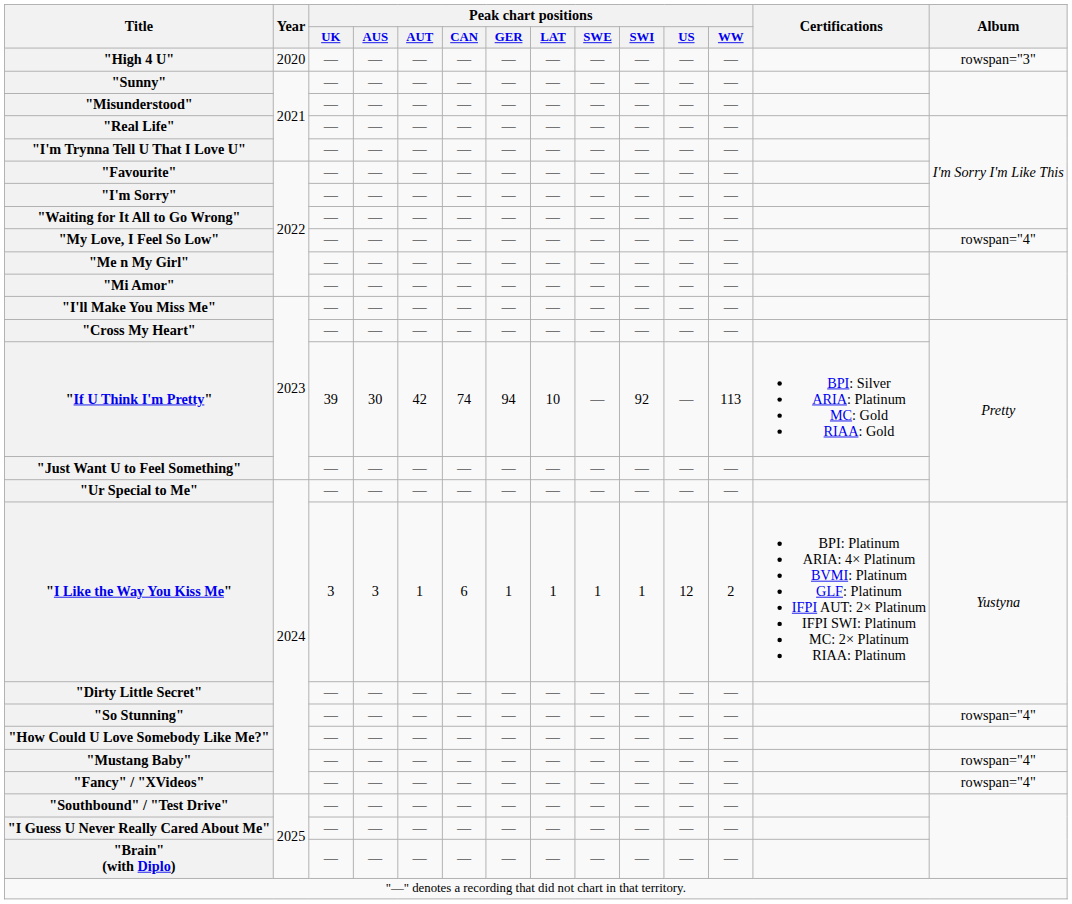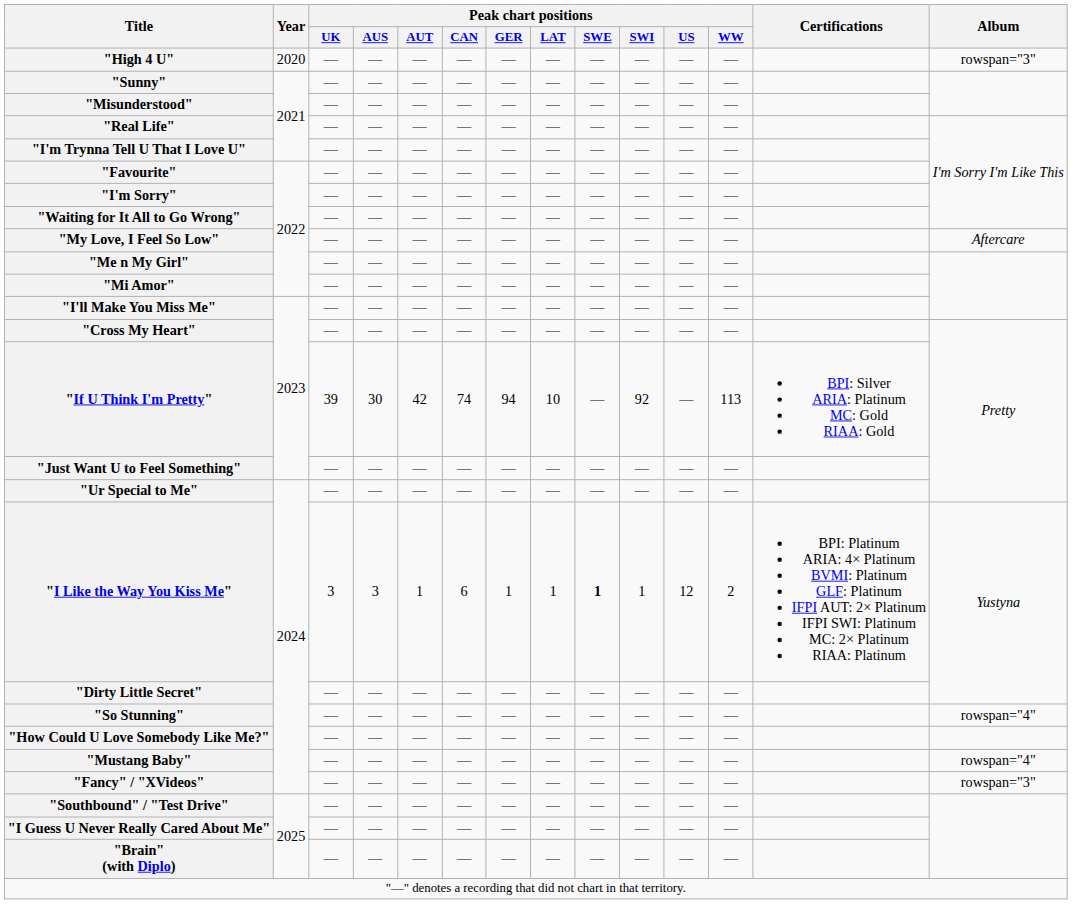 <table class="wikitable plainrowheaders" style="text-align:center;">
 <tr>
 <th scope="col" rowspan="2">Title</th>
 <th scope="col" rowspan="2">Year</th>
 <th scope="col" colspan="10">Peak chart positions</th>
 <th scope="col" rowspan="2">Certifications</th>
 <th scope="col" rowspan="2">Album</th>
 </tr>
 <tr>
 <th scope="col" style="width:3em;font-size:90%;"><a href='#'>UK</a><br></th>
 <th scope="col" style="width:3em;font-size:90%;"><a href='#'>AUS</a><br></th>
 <th scope="col" style="width:3em;font-size:90%;"><a href='#'>AUT</a><br></th>
 <th scope="col" style="width:3em;font-size:90%;"><a href='#'>CAN</a><br></th>
 <th scope="col" style="width:3em;font-size:90%;"><a href='#'>GER</a><br></th>
 <th scope="col" style="width:3em;font-size:90%;"><a href='#'>LAT</a><br></th>
 <th scope="col" style="width:3em;font-size:90%;"><a href='#'>SWE</a><br></th>
 <th scope="col" style="width:3em;font-size:90%;"><a href='#'>SWI</a><br></th>
 <th scope="col" style="width:3em;font-size:90%;"><a href='#'>US</a><br></th>
 <th scope="col" style="width:3em;font-size:90%;"><a href='#'>WW</a><br></th>
 </tr>
 <tr>
 <th scope="row">"High 4 U"</th>
 <td>2020</td>
 <td>—</td>
 <td>—</td>
 <td>—</td>
 <td>—</td>
 <td>—</td>
 <td>—</td>
 <td>—</td>
 <td>—</td>
 <td>—</td>
 <td>—</td>
 <td></td>
 <td>rowspan="3" </td>
 </tr>
 <tr>
 <th scope="row">"Sunny"</th>
 <td rowspan="4">2021</td>
 <td>—</td>
 <td>—</td>
 <td>—</td>
 <td>—</td>
 <td>—</td>
 <td>—</td>
 <td>—</td>
 <td>—</td>
 <td>—</td>
 <td>—</td>
 <td></td>
 </tr>
 <tr>
 <th scope="row">"Misunderstood"</th>
 <td>—</td>
 <td>—</td>
 <td>—</td>
 <td>—</td>
 <td>—</td>
 <td>—</td>
 <td>—</td>
 <td>—</td>
 <td>—</td>
 <td>—</td>
 <td></td>
 </tr>
 <tr>
 <th scope="row">"Real Life"</th>
 <td>—</td>
 <td>—</td>
 <td>—</td>
 <td>—</td>
 <td>—</td>
 <td>—</td>
 <td>—</td>
 <td>—</td>
 <td>—</td>
 <td>—</td>
 <td></td>
 <td rowspan="5"><em>I'm Sorry I'm Like This</em></td>
 </tr>
 <tr>
 <th scope="row">"I'm Trynna Tell U That I Love U"</th>
 <td>—</td>
 <td>—</td>
 <td>—</td>
 <td>—</td>
 <td>—</td>
 <td>—</td>
 <td>—</td>
 <td>—</td>
 <td>—</td>
 <td>—</td>
 <td></td>
 </tr>
 <tr>
 <th scope="row">"Favourite"</th>
 <td rowspan="6">2022</td>
 <td>—</td>
 <td>—</td>
 <td>—</td>
 <td>—</td>
 <td>—</td>
 <td>—</td>
 <td>—</td>
 <td>—</td>
 <td>—</td>
 <td>—</td>
 <td></td>
 </tr>
 <tr>
 <th scope="row">"I'm Sorry"</th>
 <td>—</td>
 <td>—</td>
 <td>—</td>
 <td>—</td>
 <td>—</td>
 <td>—</td>
 <td>—</td>
 <td>—</td>
 <td>—</td>
 <td>—</td>
 <td></td>
 </tr>
 <tr>
 <th scope="row">"Waiting for It All to Go Wrong"</th>
 <td>—</td>
 <td>—</td>
 <td>—</td>
 <td>—</td>
 <td>—</td>
 <td>—</td>
 <td>—</td>
 <td>—</td>
 <td>—</td>
 <td>—</td>
 <td></td>
 </tr>
 <tr>
 <th scope="row">"My Love, I Feel So Low"</th>
 <td>—</td>
 <td>—</td>
 <td>—</td>
 <td>—</td>
 <td>—</td>
 <td>—</td>
 <td>—</td>
 <td>—</td>
 <td>—</td>
 <td>—</td>
 <td></td>
-<td>rowspan="4" </td>
+<td><em>Aftercare</em></td>
 </tr>
 <tr>
 <th scope="row">"Me n My Girl"</th>
 <td>—</td>
 <td>—</td>
 <td>—</td>
 <td>—</td>
 <td>—</td>
 <td>—</td>
 <td>—</td>
 <td>—</td>
 <td>—</td>
 <td>—</td>
 <td></td>
 </tr>
 <tr>
 <th scope="row">"Mi Amor"</th>
 <td>—</td>
 <td>—</td>
 <td>—</td>
 <td>—</td>
 <td>—</td>
 <td>—</td>
 <td>—</td>
 <td>—</td>
 <td>—</td>
 <td>—</td>
 <td></td>
 </tr>
 <tr>
 <th scope="row">"I'll Make You Miss Me"</th>
 <td rowspan="4">2023</td>
 <td>—</td>
 <td>—</td>
 <td>—</td>
 <td>—</td>
 <td>—</td>
 <td>—</td>
 <td>—</td>
 <td>—</td>
 <td>—</td>
 <td>—</td>
 <td></td>
 </tr>
 <tr>
 <th scope="row">"Cross My Heart"</th>
 <td>—</td>
 <td>—</td>
 <td>—</td>
 <td>—</td>
 <td>—</td>
 <td>—</td>
 <td>—</td>
 <td>—</td>
 <td>—</td>
 <td>—</td>
 <td></td>
 <td rowspan="4"><em>Pretty</em></td>
 </tr>
 <tr>
 <th scope="row">"<a href='#'>If U Think I'm Pretty</a>"</th>
 <td>39</td>
 <td>30</td>
 <td>42</td>
 <td>74</td>
 <td>94</td>
 <td>10</td>
 <td>—</td>
 <td>92</td>
 <td>—</td>
 <td>113</td>
 <td><br><ul><li><a href='#'>BPI</a>: Silver</li><li><a href='#'>ARIA</a>: Platinum</li><li><a href='#'>MC</a>: Gold</li><li><a href='#'>RIAA</a>: Gold</li></ul></td>
 </tr>
 <tr>
 <th scope="row">"Just Want U to Feel Something"</th>
 <td>—</td>
 <td>—</td>
 <td>—</td>
 <td>—</td>
 <td>—</td>
 <td>—</td>
 <td>—</td>
 <td>—</td>
 <td>—</td>
 <td>—</td>
 <td></td>
 </tr>
 <tr>
 <th scope="row">"Ur Special to Me"</th>
 <td rowspan="7">2024</td>
 <td>—</td>
 <td>—</td>
 <td>—</td>
 <td>—</td>
 <td>—</td>
 <td>—</td>
 <td>—</td>
 <td>—</td>
 <td>—</td>
 <td>—</td>
 <td></td>
 </tr>
 <tr>
 <th scope="row">"<a href='#'>I Like the Way You Kiss Me</a>"</th>
 <td>3</td>
 <td>3</td>
 <td>1</td>
 <td>6</td>
 <td>1</td>
 <td>1</td>
-<td>1</td>
+<td><strong>1</strong></td>
 <td>1</td>
 <td>12</td>
 <td>2</td>
 <td><br><ul><li>BPI: Platinum</li><li>ARIA: 4× Platinum</li><li><a href='#'>BVMI</a>: Platinum</li><li><a href='#'>GLF</a>: Platinum</li><li><a href='#'>IFPI</a> AUT: 2× Platinum</li><li>IFPI SWI: Platinum</li><li>MC: 2× Platinum</li><li>RIAA: Platinum</li></ul></td>
 <td rowspan="2"><em>Yustyna</em></td>
 </tr>
 <tr>
 <th scope="row">"Dirty Little Secret"</th>
 <td>—</td>
 <td>—</td>
 <td>—</td>
 <td>—</td>
 <td>—</td>
 <td>—</td>
 <td>—</td>
 <td>—</td>
 <td>—</td>
 <td>—</td>
 <td></td>
 </tr>
 <tr>
 <th scope="row">"So Stunning"</th>
 <td>—</td>
 <td>—</td>
 <td>—</td>
 <td>—</td>
 <td>—</td>
 <td>—</td>
 <td>—</td>
 <td>—</td>
 <td>—</td>
 <td>—</td>
 <td></td>
 <td>rowspan="4" </td>
 </tr>
 <tr>
 <th scope="row">"How Could U Love Somebody Like Me?"</th>
 <td>—</td>
 <td>—</td>
 <td>—</td>
 <td>—</td>
 <td>—</td>
 <td>—</td>
 <td>—</td>
 <td>—</td>
 <td>—</td>
 <td>—</td>
 <td></td>
 <td></td>
 </tr>
 <tr>
 <th scope="row">"Mustang Baby"<br></th>
 <td>—</td>
 <td>—</td>
 <td>—</td>
 <td>—</td>
 <td>—</td>
 <td>—</td>
 <td>—</td>
 <td>—</td>
 <td>—</td>
 <td>—</td>
 <td></td>
 <td>rowspan="4" </td>
 </tr>
 <tr>
 <th scope="row">"Fancy" / "XVideos"</th>
 <td>—</td>
 <td>—</td>
 <td>—</td>
 <td>—</td>
 <td>—</td>
 <td>—</td>
 <td>—</td>
 <td>—</td>
 <td>—</td>
 <td>—</td>
 <td></td>
-<td>rowspan="4" </td>
+<td>rowspan="3" </td>
 </tr>
 <tr>
 <th scope="row">"Southbound" / "Test Drive"</th>
 <td rowspan="3">2025</td>
 <td>—</td>
 <td>—</td>
 <td>—</td>
 <td>—</td>
 <td>—</td>
 <td>—</td>
 <td>—</td>
 <td>—</td>
 <td>—</td>
 <td>—</td>
 <td></td>
 </tr>
 <tr>
 <th scope="row">"I Guess U Never Really Cared About Me"</th>
 <td>—</td>
 <td>—</td>
 <td>—</td>
 <td>—</td>
 <td>—</td>
 <td>—</td>
 <td>—</td>
 <td>—</td>
 <td>—</td>
 <td>—</td>
 <td></td>
 </tr>
 <tr>
 <th scope="row">"Brain"<br><span>(with <a href='#'>Diplo</a>)</span></th>
 <td>—</td>
 <td>—</td>
 <td>—</td>
 <td>—</td>
 <td>—</td>
 <td>—</td>
 <td>—</td>
 <td>—</td>
 <td>—</td>
 <td>—</td>
 <td></td>
 </tr>
 <tr>
 <td colspan="14" style="font-size:90%">"—" denotes a recording that did not chart in that territory.</td>
 </tr>
 </table>
